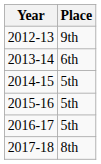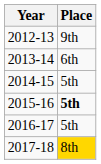 <table class="wikitable">
 <tr>
 <th>Year</th>
 <th>Place</th>
 </tr>
 <tr>
 <td>2012-13</td>
 <td>9th</td>
 </tr>
 <tr>
 <td>2013-14</td>
 <td>6th</td>
 </tr>
 <tr>
 <td>2014-15</td>
 <td>5th</td>
 </tr>
 <tr>
 <td>2015-16</td>
-<td>5th</td>
+<td><strong>5th</strong></td>
 </tr>
 <tr>
 <td>2016-17</td>
 <td>5th</td>
 </tr>
 <tr>
 <td>2017-18</td>
-<td>8th</td>
+<td style="background: gold;">8th</td>
 </tr>
 </table>
